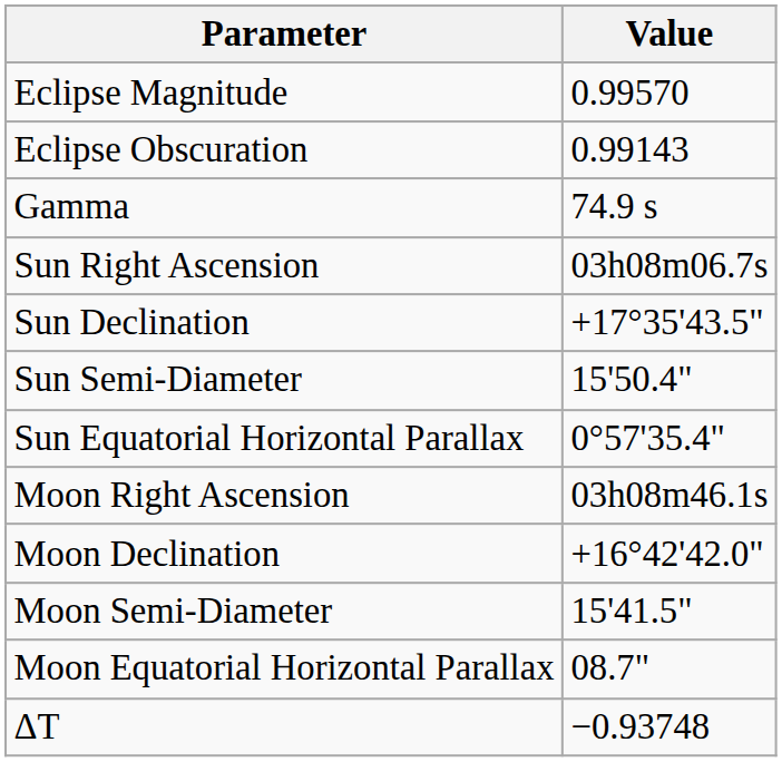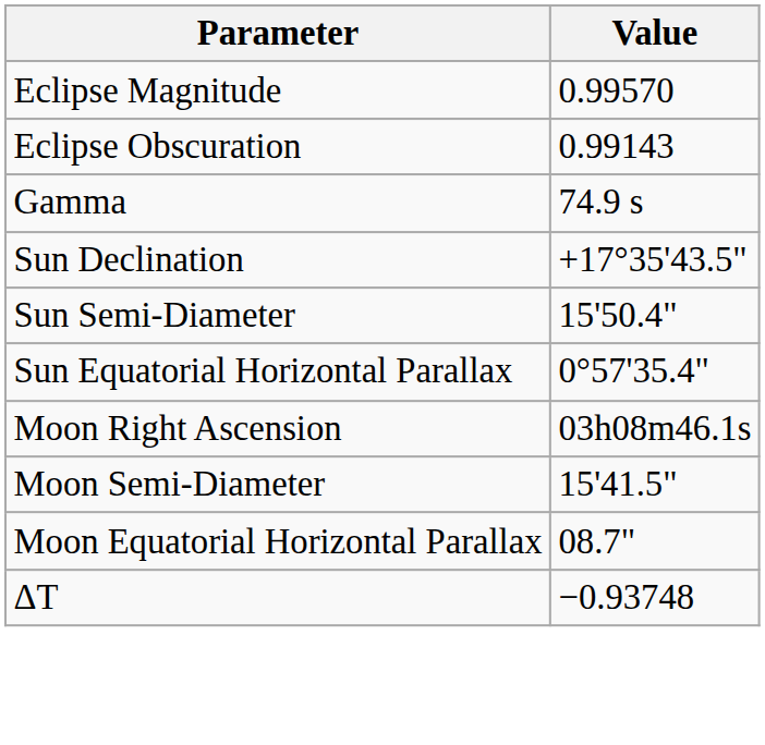 <table class="wikitable">
 <tr>
 <th>Parameter</th>
 <th>Value</th>
 </tr>
 <tr>
 <td>Eclipse Magnitude</td>
 <td>0.99570</td>
 </tr>
 <tr>
 <td>Eclipse Obscuration</td>
 <td>0.99143</td>
 </tr>
 <tr>
 <td>Gamma</td>
 <td>74.9 s</td>
 </tr>
 <tr>
-<td>Sun Right Ascension</td>
-<td>03h08m06.7s</td>
-</tr>
-<tr>
 <td>Sun Declination</td>
 <td>+17°35'43.5"</td>
 </tr>
 <tr>
 <td>Sun Semi-Diameter</td>
 <td>15'50.4"</td>
 </tr>
 <tr>
 <td>Sun Equatorial Horizontal Parallax</td>
 <td>0°57'35.4"</td>
 </tr>
 <tr>
 <td>Moon Right Ascension</td>
 <td>03h08m46.1s</td>
 </tr>
 <tr>
-<td>Moon Declination</td>
-<td>+16°42'42.0"</td>
-</tr>
-<tr>
 <td>Moon Semi-Diameter</td>
 <td>15'41.5"</td>
 </tr>
 <tr>
 <td>Moon Equatorial Horizontal Parallax</td>
 <td>08.7"</td>
 </tr>
 <tr>
 <td>ΔT</td>
 <td>−0.93748</td>
 </tr>
 </table>
